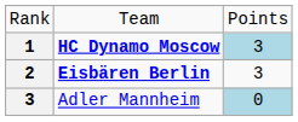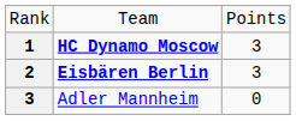 <table class="wikitable" style="text-align: center;">
 <tr>
 <td>Rank</td>
 <td>Team</td>
 <td>Points</td>
 </tr>
 <tr>
 <th>1</th>
 <td style="text-align: left;"> <strong><a href='#'>HC Dynamo Moscow</a></strong></td>
-<td style="background: lightblue;">3</td>
+<td>3</td>
 </tr>
 <tr>
 <th>2</th>
 <td style="text-align: left;"> <strong><a href='#'>Eisbären Berlin</a></strong></td>
 <td>3</td>
 </tr>
 <tr>
 <th>3</th>
 <td style="text-align: left;"> <a href='#'>Adler Mannheim</a></td>
-<td style="background: lightblue;">0</td>
+<td>0</td>
 </tr>
 </table>
